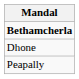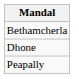 <table class="wikitable sortable static-row-numbers static-row-header-hash">
 <tr>
 <th>Mandal</th>
 </tr>
 <tr>
-<td><strong>Bethamcherla</strong></td>
+<td>Bethamcherla</td>
 </tr>
 <tr>
 <td>Dhone</td>
 </tr>
 <tr>
 <td>Peapally</td>
 </tr>
 </table>
